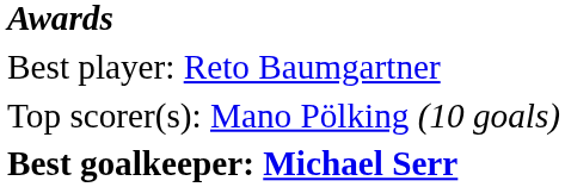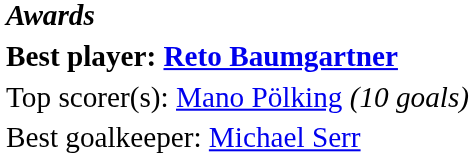 <table width=100% cellspacing=1 style="font-size: 90%;">
 <tr>
 <td><strong><em>Awards</em></strong></td>
 </tr>
 <tr>
-<td>Best player:  <a href='#'>Reto Baumgartner</a></td>
+<td><strong>Best player:  <a href='#'>Reto Baumgartner</a></strong></td>
 </tr>
 <tr>
 <td colspan=4>Top scorer(s):  <a href='#'>Mano Pölking</a> <em>(10 goals)</em></td>
 </tr>
 <tr>
-<td><strong>Best goalkeeper:  <a href='#'>Michael Serr</a></strong></td>
+<td>Best goalkeeper:  <a href='#'>Michael Serr</a></td>
 </tr>
 </table>
